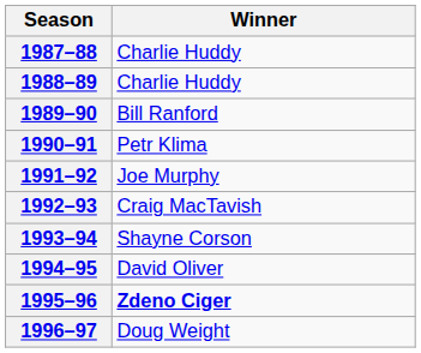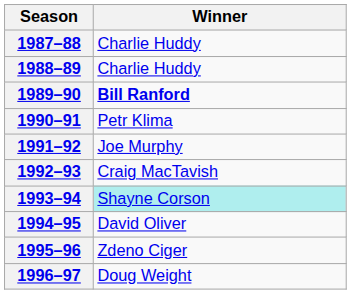 <table class="wikitable">
 <tr>
 <th scope="col" style="width:5em">Season</th>
 <th scope="col" style="width:15em">Winner</th>
 </tr>
 <tr>
 <th scope="row"><a href='#'>1987–88</a></th>
 <td><a href='#'>Charlie Huddy</a></td>
 </tr>
 <tr>
 <th scope="row"><a href='#'>1988–89</a></th>
 <td><a href='#'>Charlie Huddy</a></td>
 </tr>
 <tr>
 <th scope="row"><a href='#'>1989–90</a></th>
-<td><a href='#'>Bill Ranford</a></td>
+<td><strong><a href='#'>Bill Ranford</a></strong></td>
 </tr>
 <tr>
 <th scope="row"><a href='#'>1990–91</a></th>
 <td><a href='#'>Petr Klima</a></td>
 </tr>
 <tr>
 <th scope="row"><a href='#'>1991–92</a></th>
 <td><a href='#'>Joe Murphy</a></td>
 </tr>
 <tr>
 <th scope="row"><a href='#'>1992–93</a></th>
 <td><a href='#'>Craig MacTavish</a></td>
 </tr>
 <tr>
 <th scope="row"><a href='#'>1993–94</a></th>
-<td><a href='#'>Shayne Corson</a></td>
+<td style="background: paleturquoise;"><a href='#'>Shayne Corson</a></td>
 </tr>
 <tr>
 <th scope="row"><a href='#'>1994–95</a></th>
 <td><a href='#'>David Oliver</a></td>
 </tr>
 <tr>
 <th scope="row"><a href='#'>1995–96</a></th>
-<td><strong><a href='#'>Zdeno Ciger</a></strong></td>
+<td><a href='#'>Zdeno Ciger</a></td>
 </tr>
 <tr>
 <th scope="row"><a href='#'>1996–97</a></th>
 <td><a href='#'>Doug Weight</a></td>
 </tr>
 </table>
